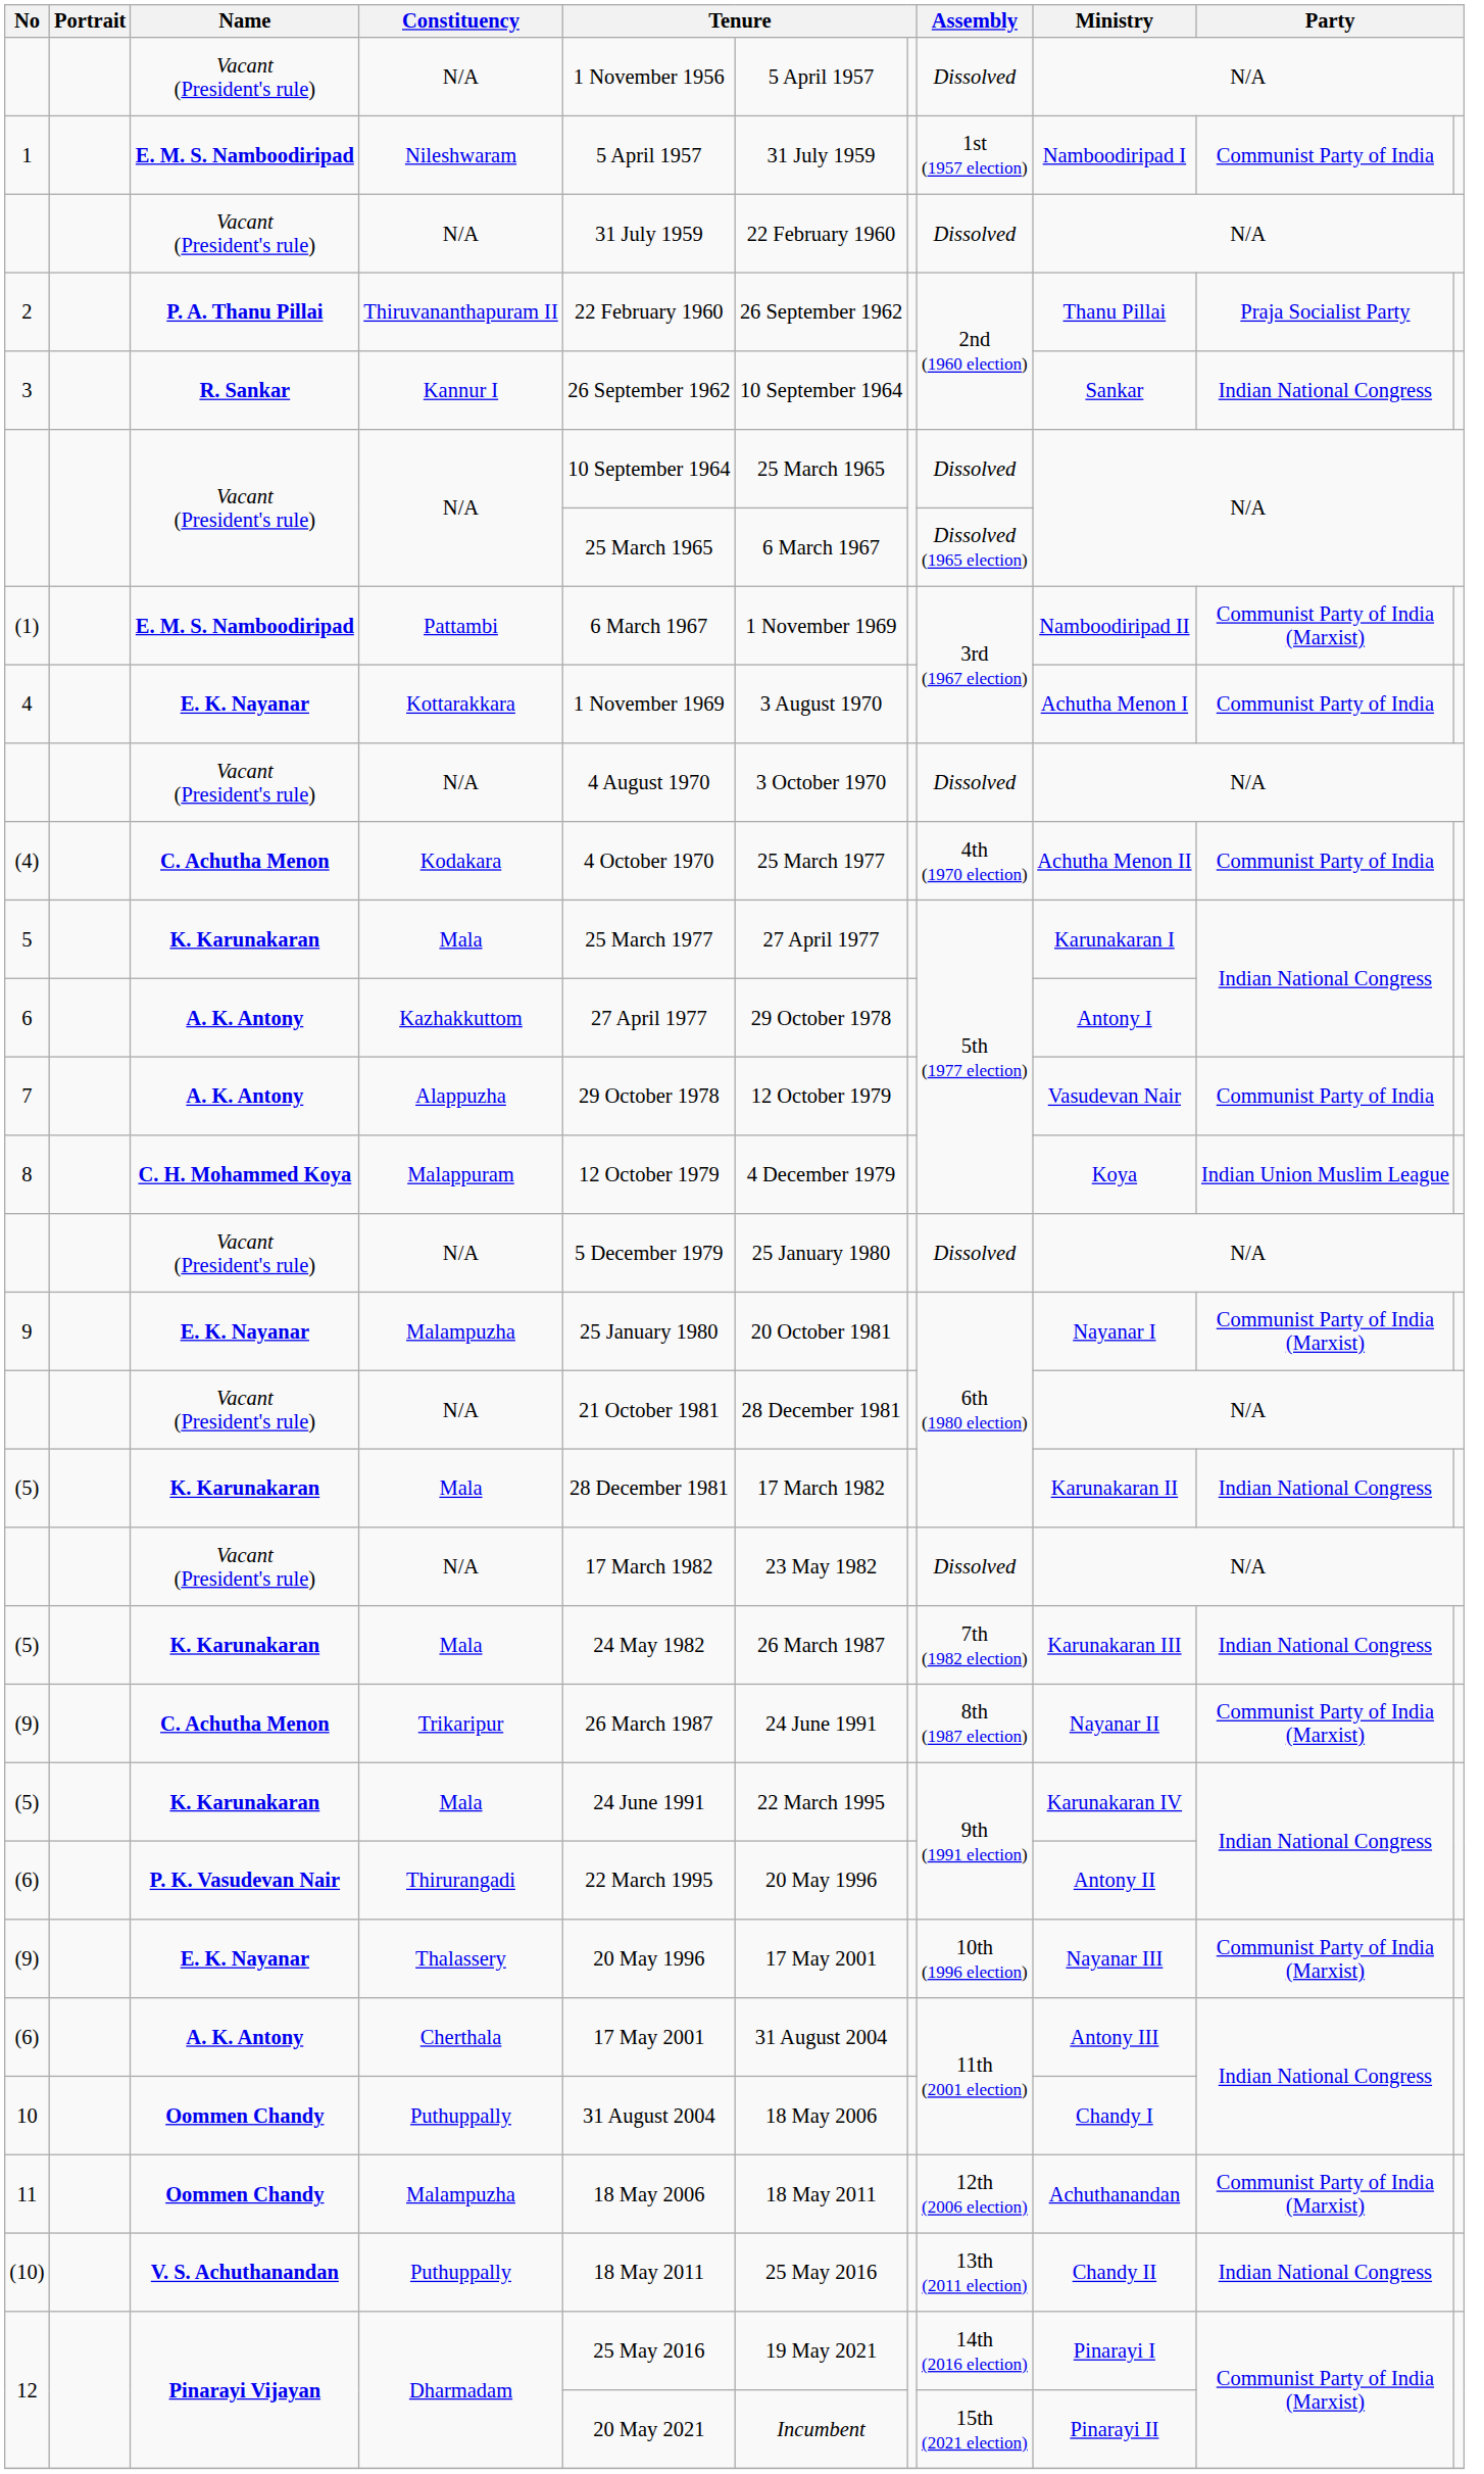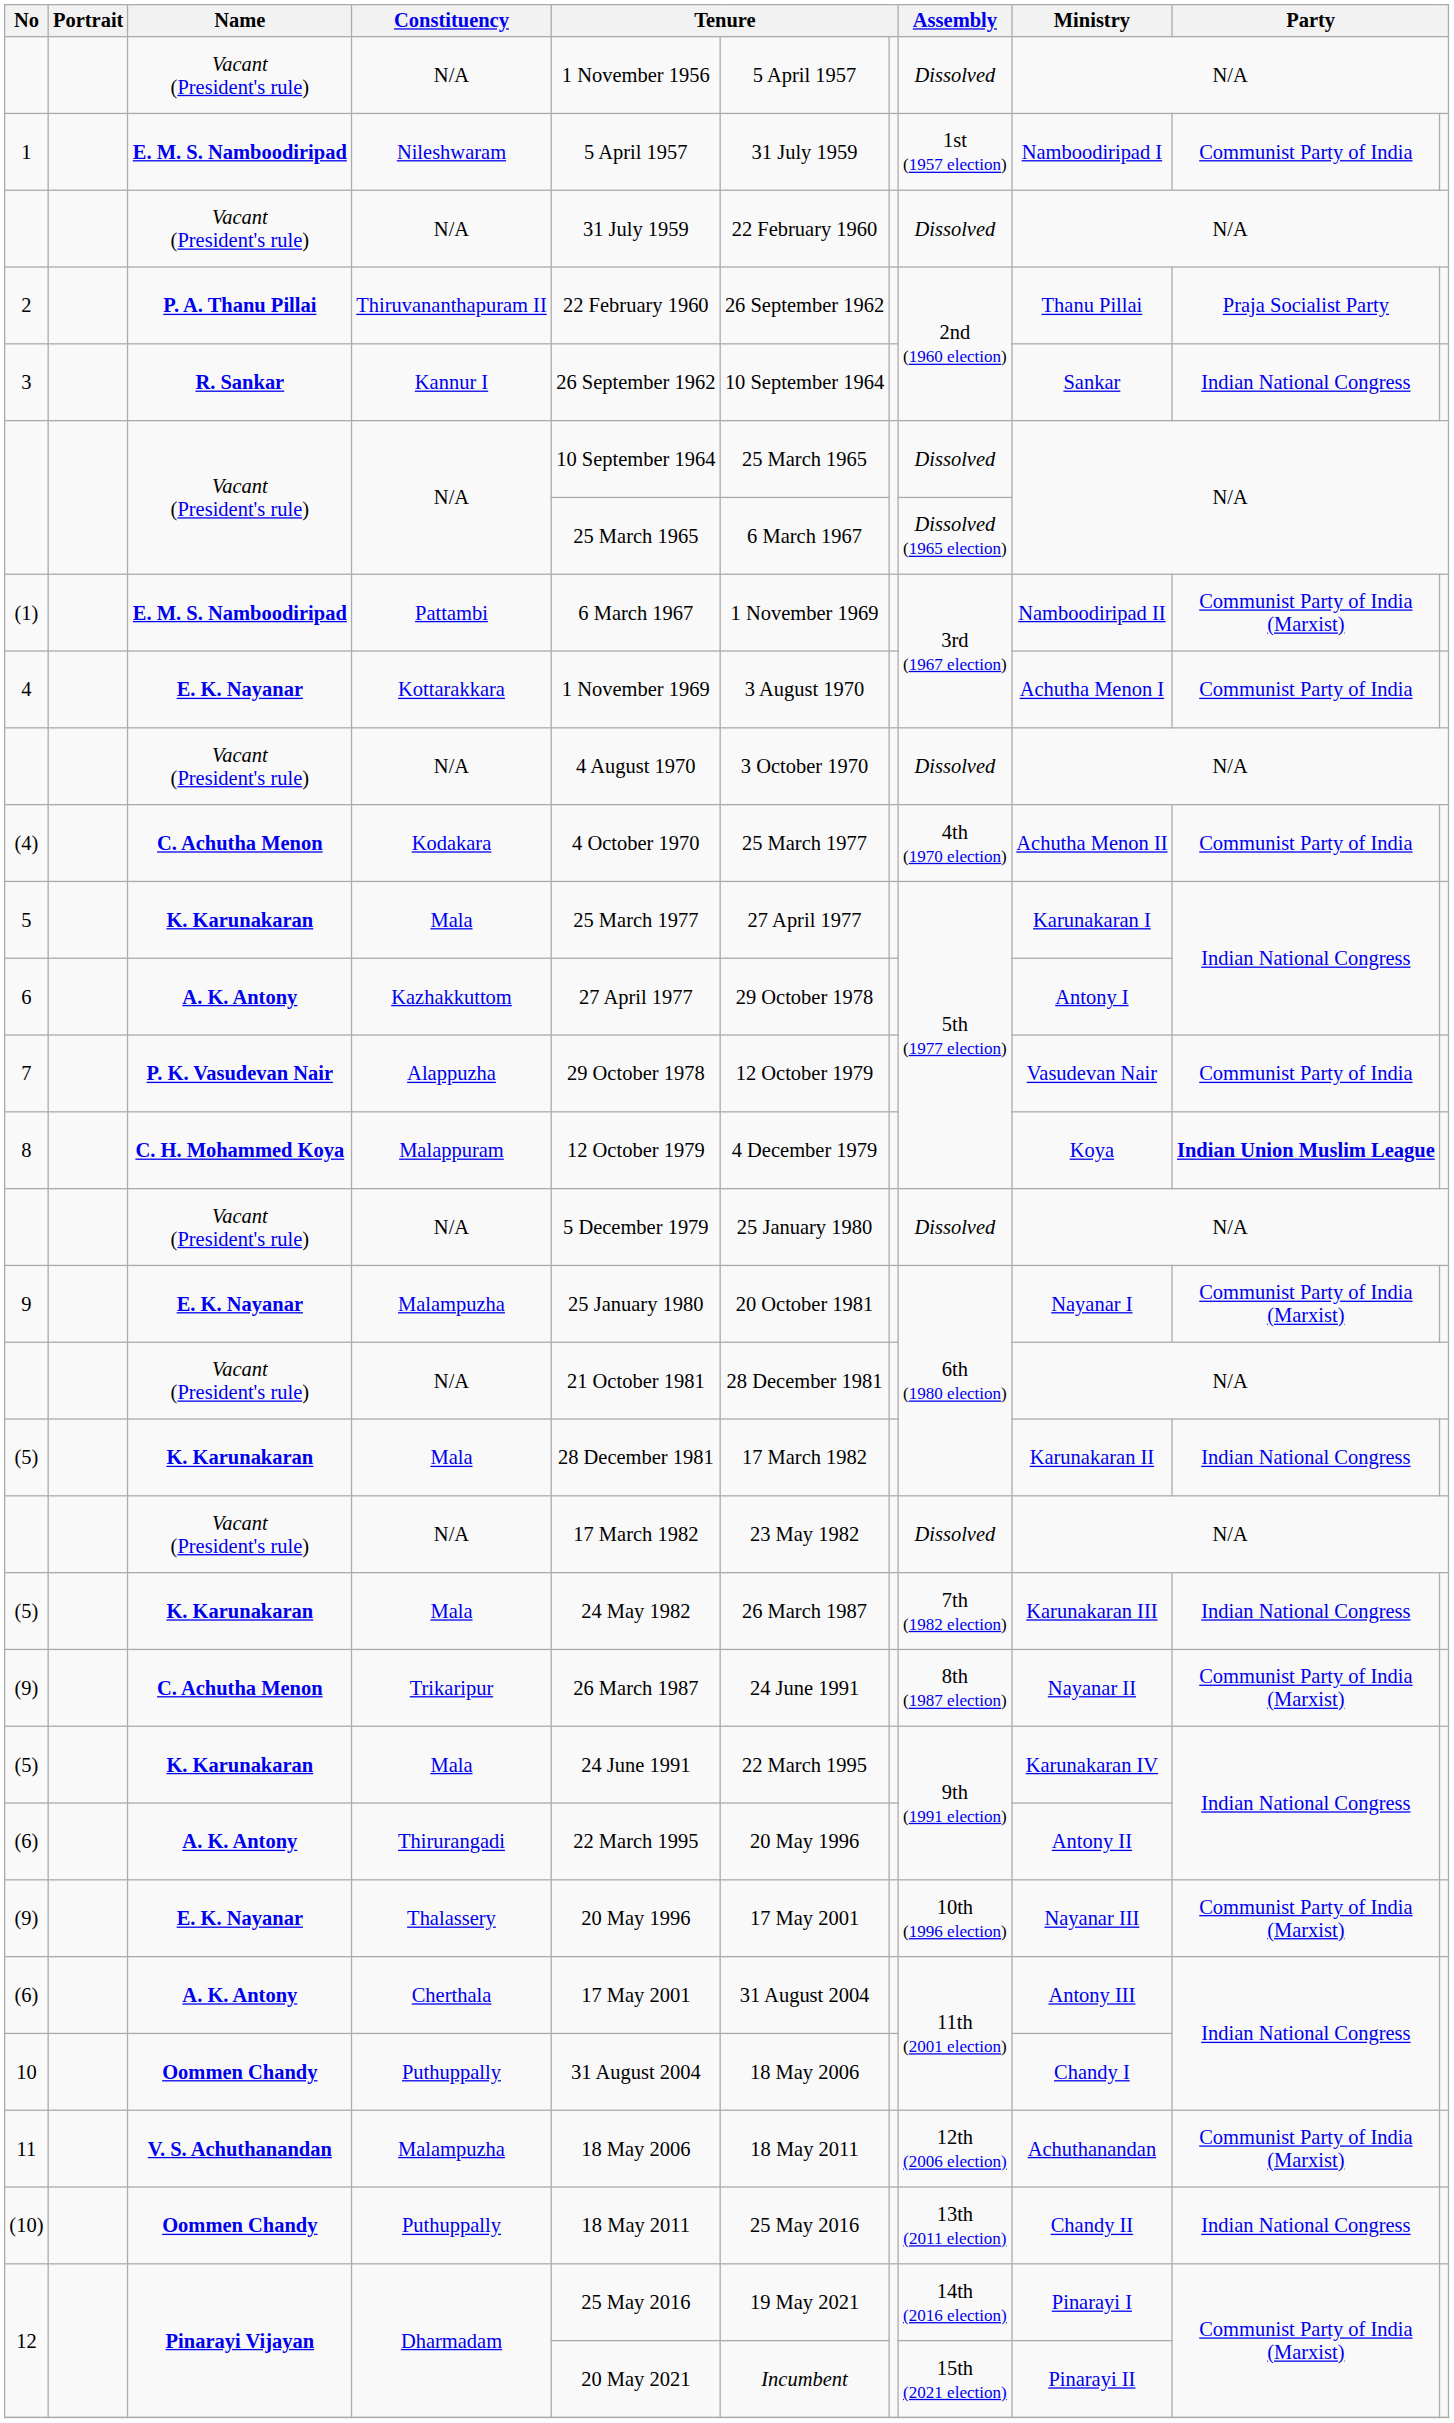 <table class="wikitable" style=text-align:center>
 <tr>
 <th scope="col">No</th>
 <th scope="col">Portrait</th>
 <th scope="col">Name</th>
 <th scope="col"><a href='#'>Constituency</a></th>
 <th colspan="3" scope="col">Tenure</th>
 <th scope="col"><a href='#'>Assembly</a><br></th>
 <th>Ministry</th>
 <th colspan="2">Party<small></small></th>
 </tr>
 <tr style="height: 60px;">
 <td></td>
 <td></td>
 <td><em>Vacant</em><br>(<a href='#'>President's rule</a>)</td>
 <td>N/A</td>
 <td>1 November 1956</td>
 <td>5 April 1957</td>
 <td></td>
 <td><em>Dissolved</em></td>
 <td colspan="3">N/A</td>
 </tr>
 <tr style="height: 60px;">
 <td>1</td>
 <td></td>
 <td><strong><a href='#'>E. M. S. Namboodiripad</a></strong></td>
 <td><a href='#'>Nileshwaram</a></td>
 <td>5 April 1957</td>
 <td>31 July 1959</td>
 <td></td>
 <td>1st<br><small>(<a href='#'>1957 election</a>)</small></td>
 <td><a href='#'>Namboodiripad I</a></td>
 <td><a href='#'>Communist Party of India</a></td>
 <td style="background-color: "></td>
 </tr>
 <tr style="height: 60px;">
 <td></td>
 <td></td>
 <td><em>Vacant</em><br>(<a href='#'>President's rule</a>)</td>
 <td>N/A</td>
 <td>31 July 1959</td>
 <td>22 February 1960</td>
 <td></td>
 <td><em>Dissolved</em></td>
 <td colspan="3">N/A</td>
 </tr>
 <tr style="height: 60px;">
 <td>2</td>
 <td></td>
 <td><strong><a href='#'>P. A. Thanu Pillai</a></strong></td>
 <td><a href='#'>Thiruvananthapuram II</a></td>
 <td>22 February 1960</td>
 <td>26 September 1962</td>
 <td></td>
 <td rowspan="2">2nd<br><small>(<a href='#'>1960 election</a>)</small></td>
 <td><a href='#'>Thanu Pillai</a></td>
 <td><a href='#'>Praja Socialist Party</a></td>
 <td style="background-color: "></td>
 </tr>
 <tr style="height: 60px;">
 <td>3</td>
 <td></td>
 <td><strong><a href='#'>R. Sankar</a></strong></td>
 <td><a href='#'>Kannur I</a></td>
 <td>26 September 1962</td>
 <td>10 September 1964</td>
 <td></td>
 <td><a href='#'>Sankar</a></td>
 <td><a href='#'>Indian National Congress</a></td>
 <td style="background-color: "></td>
 </tr>
 <tr style="height: 60px;">
 <td rowspan="2"></td>
 <td rowspan="2"></td>
 <td rowspan="2"><em>Vacant</em><br>(<a href='#'>President's rule</a>)</td>
 <td rowspan="2">N/A</td>
 <td>10 September 1964</td>
 <td>25 March 1965</td>
 <td rowspan="2"></td>
 <td><em>Dissolved</em></td>
 <td colspan="3" rowspan="2">N/A</td>
 </tr>
 <tr style="height: 60px;">
 <td>25 March 1965</td>
 <td>6 March 1967</td>
 <td><em>Dissolved</em><br><small>(<a href='#'>1965 election</a>)</small></td>
 </tr>
 <tr style="height: 60px;">
 <td>(1)</td>
 <td></td>
 <td><strong><a href='#'>E. M. S. Namboodiripad</a></strong></td>
 <td><a href='#'>Pattambi</a></td>
 <td>6 March 1967</td>
 <td>1 November 1969</td>
 <td></td>
 <td rowspan="2">3rd<br><small>(<a href='#'>1967 election</a>)</small></td>
 <td><a href='#'>Namboodiripad II</a></td>
 <td><a href='#'>Communist Party of India<br>(Marxist)</a></td>
 <td style="background-color: "></td>
 </tr>
 <tr style="height: 60px;">
 <td>4</td>
 <td></td>
 <td><strong><a href='#'>E. K. Nayanar</a></strong></td>
 <td><a href='#'>Kottarakkara</a></td>
 <td>1 November 1969</td>
 <td>3 August 1970</td>
 <td></td>
 <td><a href='#'>Achutha Menon I</a></td>
 <td><a href='#'>Communist Party of India</a></td>
 <td style="background-color: "></td>
 </tr>
 <tr style="height: 60px;">
 <td></td>
 <td></td>
 <td><em>Vacant</em><br>(<a href='#'>President's rule</a>)</td>
 <td>N/A</td>
 <td>4 August 1970</td>
 <td>3 October 1970</td>
 <td></td>
 <td><em>Dissolved</em></td>
 <td colspan="3">N/A</td>
 </tr>
 <tr style="height: 60px;">
 <td>(4)</td>
 <td></td>
 <td><strong><a href='#'>C. Achutha Menon</a></strong></td>
 <td><a href='#'>Kodakara</a></td>
 <td>4 October 1970</td>
 <td>25 March 1977</td>
 <td></td>
 <td>4th<br><small>(<a href='#'>1970 election</a>)</small></td>
 <td><a href='#'>Achutha Menon II</a></td>
 <td><a href='#'>Communist Party of India</a></td>
 <td style="background-color: "></td>
 </tr>
 <tr style="height: 60px;">
 <td>5</td>
 <td></td>
 <td><strong><a href='#'>K. Karunakaran</a></strong></td>
 <td><a href='#'>Mala</a></td>
 <td>25 March 1977</td>
 <td>27 April 1977</td>
 <td></td>
 <td rowspan="4">5th<br><small>(<a href='#'>1977 election</a>)</small></td>
 <td><a href='#'>Karunakaran I</a></td>
 <td rowspan="2"><a href='#'>Indian National Congress</a></td>
 <td rowspan="2" style="background-color: "></td>
 </tr>
 <tr style="height: 60px;">
 <td>6</td>
 <td></td>
 <td><strong><a href='#'>A. K. Antony</a></strong></td>
 <td><a href='#'>Kazhakkuttom</a></td>
 <td>27 April 1977</td>
 <td>29 October 1978</td>
 <td></td>
 <td><a href='#'>Antony I</a></td>
 </tr>
 <tr style="height: 60px;">
 <td>7</td>
 <td></td>
-<td><strong><a href='#'>A. K. Antony</a></strong></td>
+<td><strong><a href='#'>P. K. Vasudevan Nair</a></strong></td>
 <td><a href='#'>Alappuzha</a></td>
 <td>29 October 1978</td>
 <td>12 October 1979</td>
 <td></td>
 <td><a href='#'>Vasudevan Nair</a></td>
 <td><a href='#'>Communist Party of India</a></td>
 <td style="background-color: "></td>
 </tr>
 <tr style="height: 60px;">
 <td>8</td>
 <td></td>
 <td><strong><a href='#'>C. H. Mohammed Koya</a></strong></td>
 <td><a href='#'>Malappuram</a></td>
 <td>12 October 1979</td>
 <td>4 December 1979</td>
 <td></td>
 <td><a href='#'>Koya</a></td>
-<td><a href='#'>Indian Union Muslim League</a></td>
+<td><strong><a href='#'>Indian Union Muslim League</a></strong></td>
 <td style="background-color: "></td>
 </tr>
 <tr style="height: 60px;">
 <td></td>
 <td></td>
 <td><em>Vacant</em><br>(<a href='#'>President's rule</a>)</td>
 <td>N/A</td>
 <td>5 December 1979</td>
 <td>25 January 1980</td>
 <td></td>
 <td><em>Dissolved</em></td>
 <td colspan="3">N/A</td>
 </tr>
 <tr style="height: 60px;">
 <td>9</td>
 <td></td>
 <td><strong><a href='#'>E. K. Nayanar</a></strong></td>
 <td><a href='#'>Malampuzha</a></td>
 <td>25 January 1980</td>
 <td>20 October 1981</td>
 <td></td>
 <td rowspan="3">6th<br><small>(<a href='#'>1980 election</a>)</small></td>
 <td><a href='#'>Nayanar I</a></td>
 <td><a href='#'>Communist Party of India<br>(Marxist)</a></td>
 <td style="background-color: "></td>
 </tr>
 <tr style="height: 60px;">
 <td></td>
 <td></td>
 <td><em>Vacant</em><br>(<a href='#'>President's rule</a>)</td>
 <td>N/A</td>
 <td>21 October 1981</td>
 <td>28 December 1981</td>
 <td></td>
 <td colspan="3">N/A</td>
 </tr>
 <tr style="height: 60px;">
 <td>(5)</td>
 <td></td>
 <td><strong><a href='#'>K. Karunakaran</a></strong></td>
 <td><a href='#'>Mala</a></td>
 <td>28 December 1981</td>
 <td>17 March 1982</td>
 <td></td>
 <td><a href='#'>Karunakaran II</a></td>
 <td><a href='#'>Indian National Congress</a></td>
 <td style="background-color: "></td>
 </tr>
 <tr style="height: 60px;">
 <td></td>
 <td></td>
 <td><em>Vacant</em><br>(<a href='#'>President's rule</a>)</td>
 <td>N/A</td>
 <td>17 March 1982</td>
 <td>23 May 1982</td>
 <td></td>
 <td><em>Dissolved</em></td>
 <td colspan="3">N/A</td>
 </tr>
 <tr style="height: 60px;">
 <td>(5)</td>
 <td></td>
 <td><strong><a href='#'>K. Karunakaran</a></strong></td>
 <td><a href='#'>Mala</a></td>
 <td>24 May 1982</td>
 <td>26 March 1987</td>
 <td></td>
 <td>7th<br><small>(<a href='#'>1982 election</a>)</small></td>
 <td><a href='#'>Karunakaran III</a></td>
 <td><a href='#'>Indian National Congress</a></td>
 <td style="background-color: "></td>
 </tr>
 <tr style="height: 60px;">
 <td>(9)</td>
 <td></td>
 <td><strong><a href='#'>C. Achutha Menon</a></strong></td>
 <td><a href='#'>Trikaripur</a></td>
 <td>26 March 1987</td>
 <td>24 June 1991</td>
 <td></td>
 <td>8th<br><small>(<a href='#'>1987 election</a>)</small></td>
 <td><a href='#'>Nayanar II</a></td>
 <td><a href='#'>Communist Party of India<br>(Marxist)</a></td>
 <td style="background-color: "></td>
 </tr>
 <tr style="height: 60px;">
 <td>(5)</td>
 <td></td>
 <td><strong><a href='#'>K. Karunakaran</a></strong></td>
 <td><a href='#'>Mala</a></td>
 <td>24 June 1991</td>
 <td>22 March 1995</td>
 <td></td>
 <td rowspan="2">9th<br><small>(<a href='#'>1991 election</a>)</small></td>
 <td><a href='#'>Karunakaran IV</a></td>
 <td rowspan="2"><a href='#'>Indian National Congress</a></td>
 <td rowspan="2" style="background-color: "></td>
 </tr>
 <tr style="height: 60px;">
 <td>(6)</td>
 <td></td>
-<td><strong><a href='#'>P. K. Vasudevan Nair</a></strong></td>
+<td><strong><a href='#'>A. K. Antony</a></strong></td>
 <td><a href='#'>Thirurangadi</a></td>
 <td>22 March 1995</td>
 <td>20 May 1996</td>
 <td></td>
 <td><a href='#'>Antony II</a></td>
 </tr>
 <tr style="height: 60px;">
 <td>(9)</td>
 <td></td>
 <td><strong><a href='#'>E. K. Nayanar</a></strong></td>
 <td><a href='#'>Thalassery</a></td>
 <td>20 May 1996</td>
 <td>17 May 2001</td>
 <td></td>
 <td>10th<br><small>(<a href='#'>1996 election</a>)</small></td>
 <td><a href='#'>Nayanar III</a></td>
 <td><a href='#'>Communist Party of India<br>(Marxist)</a></td>
 <td style="background-color: "></td>
 </tr>
 <tr style="height: 60px;">
 <td>(6)</td>
 <td></td>
 <td><strong><a href='#'>A. K. Antony</a></strong></td>
 <td><a href='#'>Cherthala</a></td>
 <td>17 May 2001</td>
 <td>31 August 2004</td>
 <td></td>
 <td rowspan="2">11th<br><small>(<a href='#'>2001 election</a>)</small></td>
 <td><a href='#'>Antony III</a></td>
 <td rowspan="2"><a href='#'>Indian National Congress</a></td>
 <td rowspan="2" style="background-color: "></td>
 </tr>
 <tr style="height: 60px;">
 <td>10</td>
 <td></td>
 <td><strong><a href='#'>Oommen Chandy</a></strong></td>
 <td><a href='#'>Puthuppally</a></td>
 <td>31 August 2004</td>
 <td>18 May 2006</td>
 <td></td>
 <td><a href='#'>Chandy I</a></td>
 </tr>
 <tr style="height: 60px;">
 <td>11</td>
 <td></td>
-<td><strong><a href='#'>Oommen Chandy</a></strong></td>
+<td><strong><a href='#'>V. S. Achuthanandan</a></strong></td>
 <td><a href='#'>Malampuzha</a></td>
 <td>18 May 2006</td>
 <td>18 May 2011</td>
 <td></td>
 <td>12th<br><small><a href='#'>(2006 election)</a></small></td>
 <td><a href='#'>Achuthanandan</a></td>
 <td><a href='#'>Communist Party of India<br>(Marxist)</a></td>
 <td style="background-color: "></td>
 </tr>
 <tr style="height: 60px;">
 <td>(10)</td>
 <td></td>
-<td><strong><a href='#'>V. S. Achuthanandan</a></strong></td>
+<td><strong><a href='#'>Oommen Chandy</a></strong></td>
 <td><a href='#'>Puthuppally</a></td>
 <td>18 May 2011</td>
 <td>25 May 2016</td>
 <td></td>
 <td>13th<br><small><a href='#'>(2011 election)</a></small></td>
 <td><a href='#'>Chandy II</a></td>
 <td><a href='#'>Indian National Congress</a></td>
 <td style="background-color: "></td>
 </tr>
 <tr style="height: 60px;">
 <td rowspan="2">12</td>
 <td rowspan="2"></td>
 <td rowspan="2"><strong><a href='#'>Pinarayi Vijayan</a></strong></td>
 <td rowspan="2"><a href='#'>Dharmadam</a></td>
 <td>25 May 2016</td>
 <td>19 May 2021</td>
 <td rowspan="2"></td>
 <td>14th<br><small><a href='#'>(2016 election)</a></small></td>
 <td><a href='#'>Pinarayi I</a></td>
 <td rowspan="2"><a href='#'>Communist Party of India<br>(Marxist)</a></td>
 <td rowspan="2" style="background-color: "></td>
 </tr>
 <tr style="height: 60px;">
 <td>20 May 2021</td>
 <td><em>Incumbent</em></td>
 <td>15th<br><small><a href='#'>(2021 election)</a></small></td>
 <td><a href='#'>Pinarayi II</a></td>
 </tr>
 <tr>
 </tr>
 </table>
